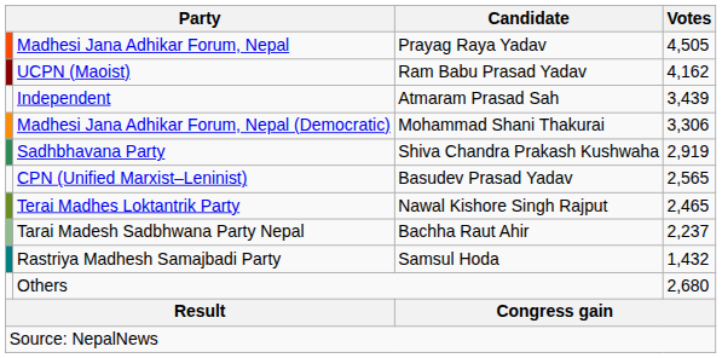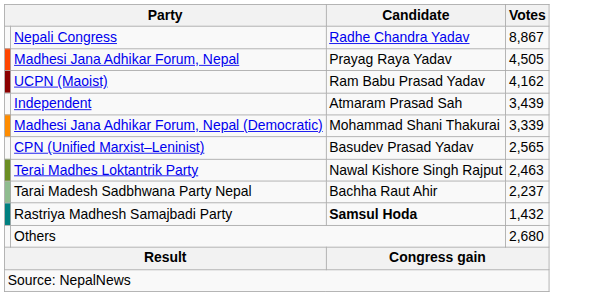 <table class="wikitable">
 <tr>
 <th colspan="2">Party</th>
 <th>Candidate</th>
 <th>Votes</th>
+</tr>
+<tr>
+<td style="background-color:"></td>
+<td><a href='#'>Nepali Congress</a></td>
+<td><a href='#'>Radhe Chandra Yadav</a></td>
+<td>8,867</td>
 </tr>
 <tr>
 <td style="background-color:orangered"></td>
 <td><a href='#'>Madhesi Jana Adhikar Forum, Nepal</a></td>
 <td>Prayag Raya Yadav</td>
 <td>4,505</td>
 </tr>
 <tr>
 <td style="background-color:darkred"></td>
 <td><a href='#'>UCPN (Maoist)</a></td>
 <td>Ram Babu Prasad Yadav</td>
 <td>4,162</td>
 </tr>
 <tr>
 <td style="background-color:"></td>
 <td><a href='#'>Independent</a></td>
 <td>Atmaram Prasad Sah</td>
 <td>3,439</td>
 </tr>
 <tr>
 <td style="background-color:darkorange"></td>
 <td><a href='#'>Madhesi Jana Adhikar Forum, Nepal (Democratic)</a></td>
 <td>Mohammad Shani Thakurai</td>
-<td>3,306</td>
-</tr>
-<tr>
-<td style="background-color:seagreen"></td>
-<td><a href='#'>Sadhbhavana Party</a></td>
-<td>Shiva Chandra Prakash Kushwaha</td>
-<td>2,919</td>
+<td>3,339</td>
 </tr>
 <tr>
 <td style="background-color:"></td>
 <td><a href='#'>CPN (Unified Marxist–Leninist)</a></td>
 <td>Basudev Prasad Yadav</td>
 <td>2,565</td>
 </tr>
 <tr>
 <td style="background-color:olivedrab"></td>
 <td><a href='#'>Terai Madhes Loktantrik Party</a></td>
 <td>Nawal Kishore Singh Rajput</td>
-<td>2,465</td>
+<td>2,463</td>
 </tr>
 <tr>
 <td style="background-color:darkseagreen"></td>
 <td>Tarai Madesh Sadbhwana Party Nepal</td>
 <td>Bachha Raut Ahir</td>
 <td>2,237</td>
 </tr>
 <tr>
 <td style="background-color:teal"></td>
 <td>Rastriya Madhesh Samajbadi Party</td>
-<td>Samsul Hoda</td>
+<td><strong>Samsul Hoda</strong></td>
 <td>1,432</td>
 </tr>
 <tr>
 <td></td>
 <td colspan="2">Others</td>
 <td>2,680</td>
 </tr>
 <tr>
 <th colspan="2">Result</th>
 <th colspan="2">Congress gain</th>
 </tr>
 <tr>
 <td colspan="4">Source: NepalNews</td>
 </tr>
 </table>
